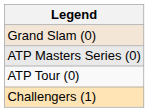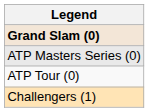 <table class="wikitable sortable mw-collapsible mw-collapsed">
 <tr>
 <th>Legend</th>
 </tr>
 <tr bgcolor=f3e6d7>
-<td>Grand Slam (0)</td>
+<td><strong>Grand Slam (0)</strong></td>
 </tr>
 <tr bgcolor=e9e9e9>
 <td>ATP Masters Series (0)</td>
 </tr>
 <tr bgcolor=>
 <td>ATP Tour (0)</td>
 </tr>
 <tr bgcolor=moccasin>
 <td>Challengers (1)</td>
 </tr>
 </table>
